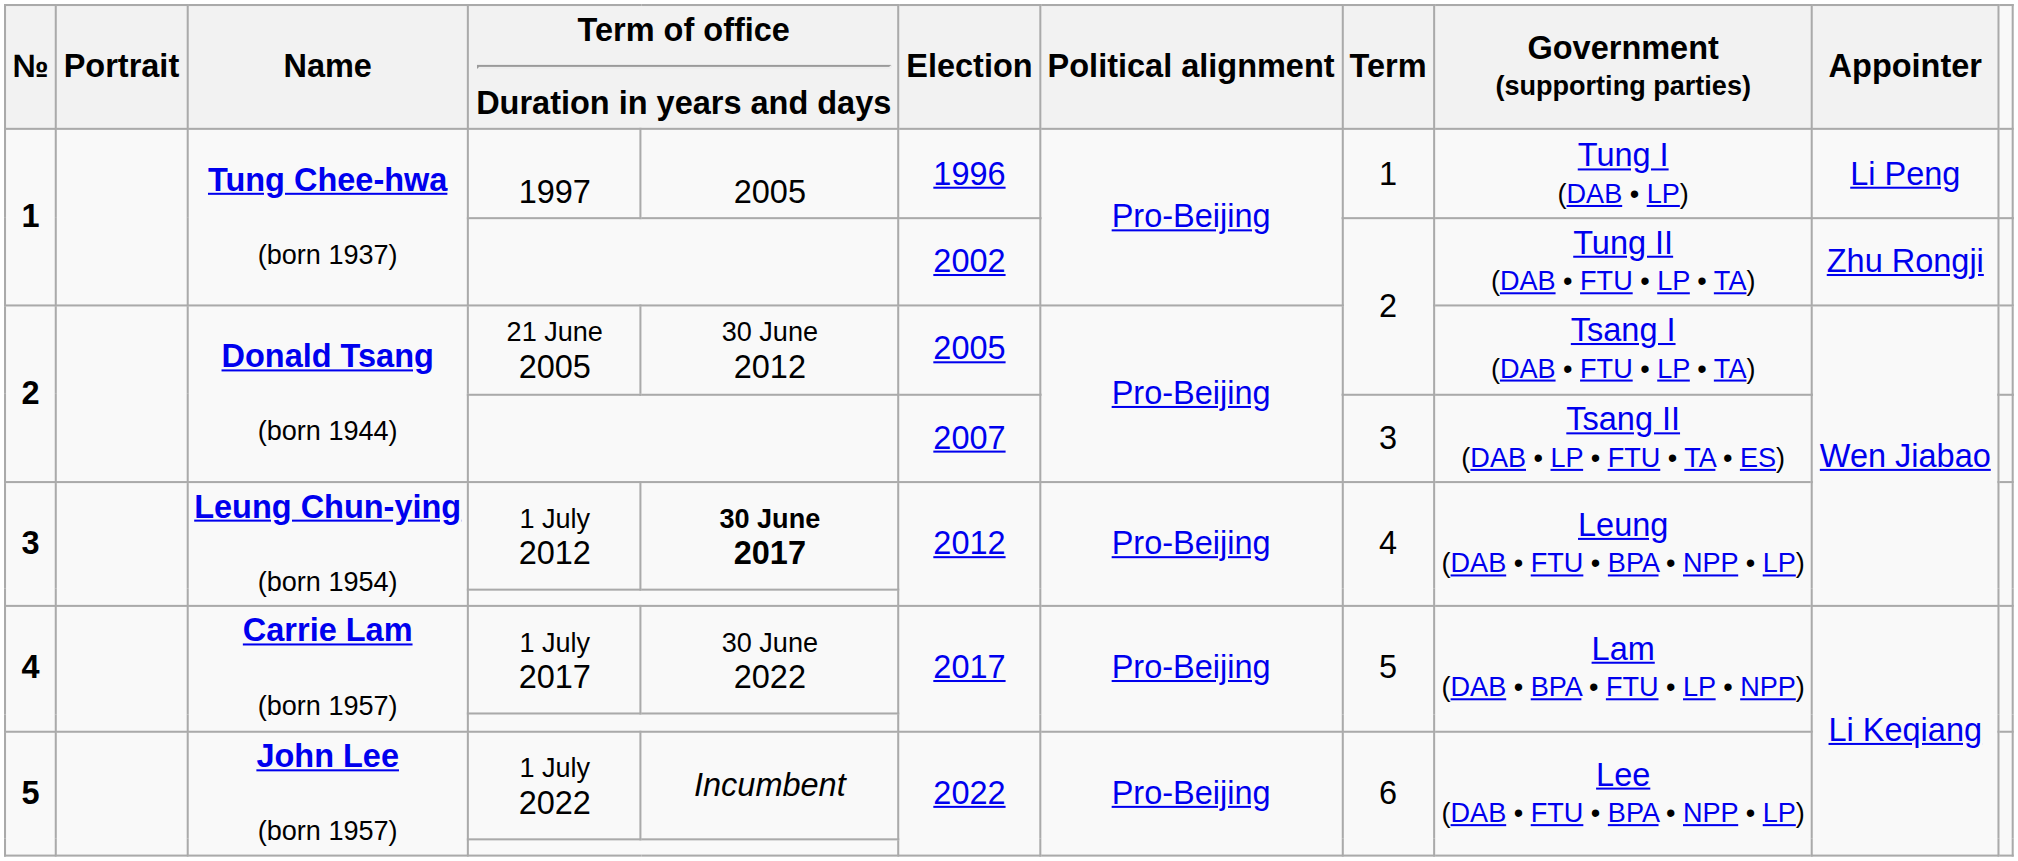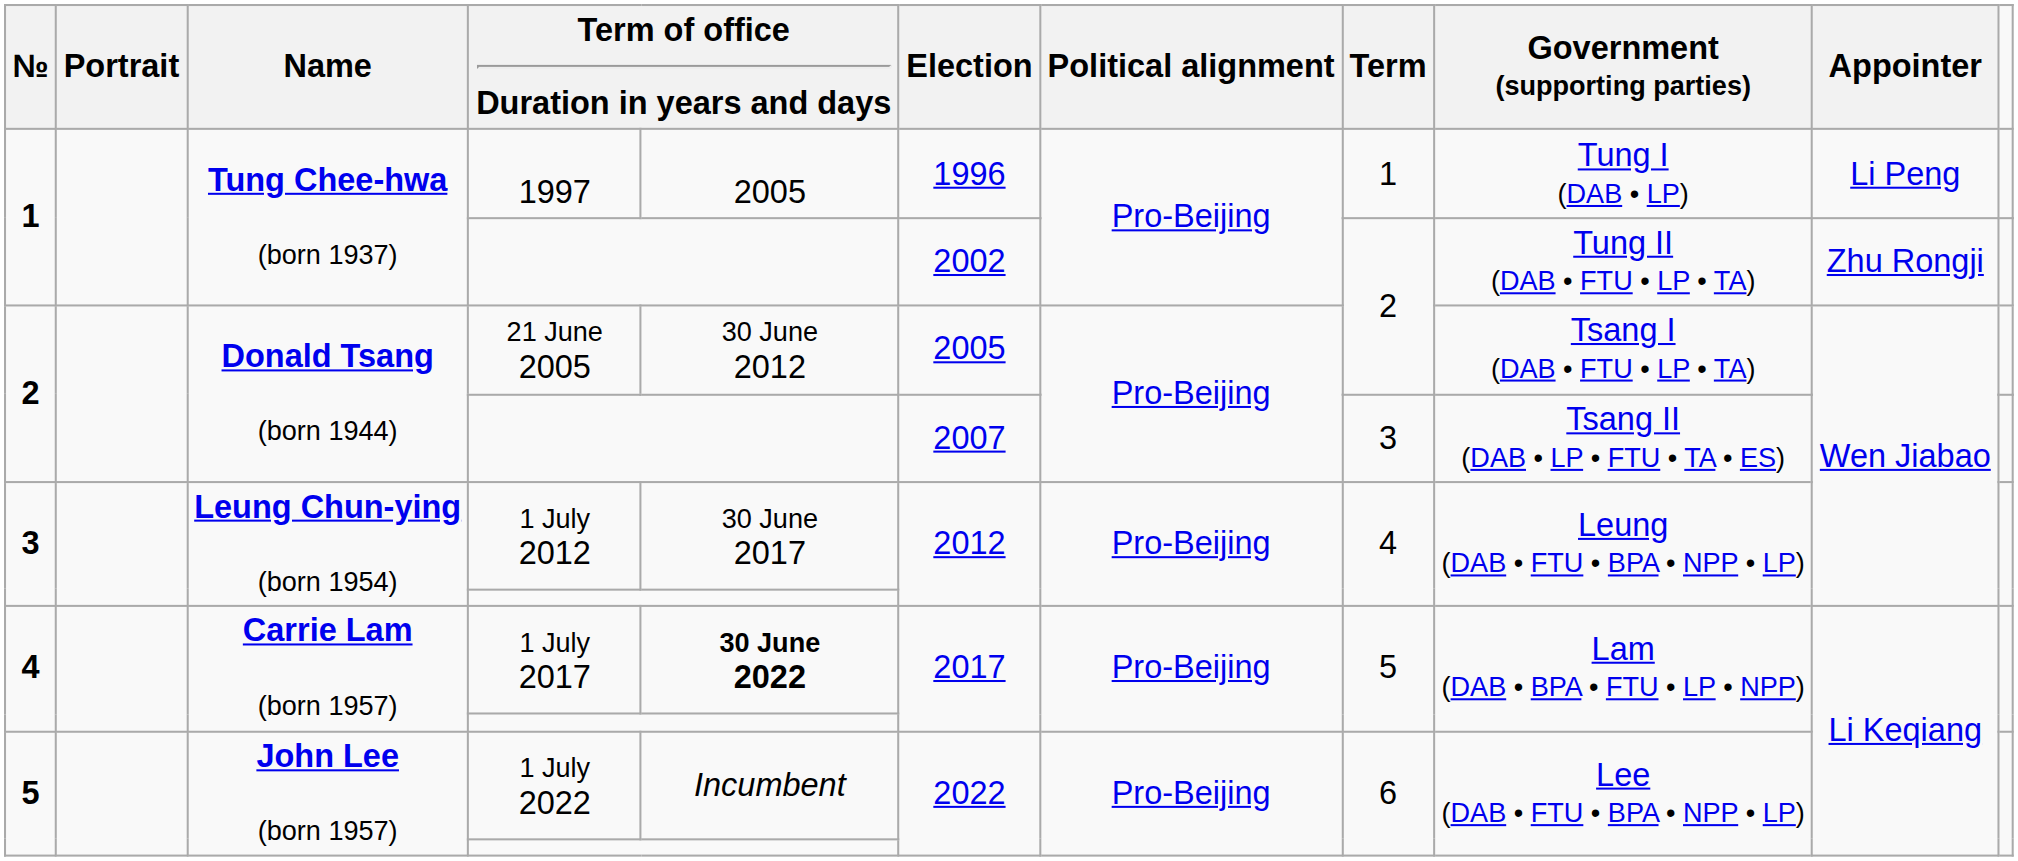 <table class="wikitable" style="text-align: center;">
 <tr>
 <th>№</th>
 <th>Portrait</th>
 <th>Name</th>
 <th colspan="2">Term of office<hr>Duration in years and days</th>
 <th>Election</th>
 <th>Political alignment</th>
 <th>Term<br></th>
 <th>Government<br><small>(supporting parties)</small></th>
 <th>Appointer<br></th>
 <td></td>
 </tr>
 <tr>
 <td rowspan=3 style="background:"><strong>1</strong></td>
 <td rowspan=3></td>
 <td rowspan=3><strong><a href='#'>Tung Chee-hwa</a></strong><br><span></span><br><small>(born 1937)</small></td>
 <td rowspan=2><br>1997</td>
 <td rowspan=2><br>2005</td>
 <td><a href='#'>1996</a></td>
 <td rowspan="3"><a href='#'>Pro-Beijing</a></td>
 <td>1</td>
 <td><a href='#'>Tung I</a><br><small>(<a href='#'>DAB</a> • <a href='#'>LP</a>)</small></td>
 <td><a href='#'>Li Peng</a></td>
 <td></td>
 </tr>
 <tr>
 <td rowspan=2><a href='#'>2002</a></td>
 <td rowspan=3>2</td>
 <td rowspan=2><a href='#'>Tung II</a><br><small>(<a href='#'>DAB</a> • <a href='#'>FTU</a> • <a href='#'>LP</a> • <a href='#'>TA</a>)</small></td>
 <td rowspan=2><a href='#'>Zhu Rongji</a></td>
 <td rowspan=2></td>
 </tr>
 <tr>
 <td colspan="2" style="font-size:90%; font-weight:normal"></td>
 </tr>
 <tr>
 <td rowspan=3 style="background:"><strong>2</strong></td>
 <td rowspan=3></td>
 <td rowspan=3><strong><a href='#'>Donald Tsang</a></strong><br><span></span><br><small>(born 1944)</small></td>
 <td rowspan=2><small>21 June</small><br> 2005</td>
 <td rowspan=2><small>30 June</small><br> 2012</td>
 <td><a href='#'>2005</a></td>
 <td rowspan="3"><a href='#'>Pro-Beijing</a></td>
 <td><a href='#'>Tsang I</a><br><small>(<a href='#'>DAB</a> • <a href='#'>FTU</a> • <a href='#'>LP</a> • <a href='#'>TA</a>)</small></td>
 <td rowspan=5><a href='#'>Wen Jiabao</a></td>
 <td rowspan=1></td>
 </tr>
 <tr>
 <td rowspan=2><a href='#'>2007</a></td>
 <td rowspan=2>3</td>
 <td rowspan=2><a href='#'>Tsang II</a><br><small>(<a href='#'>DAB</a> • <a href='#'>LP</a> • <a href='#'>FTU</a> • <a href='#'>TA</a> • <a href='#'>ES</a>)</small></td>
 <td rowspan=2></td>
 </tr>
 <tr>
 <td colspan="2" style="font-size:90%; font-weight:normal"></td>
 </tr>
 <tr>
 <td rowspan=2 style="background:"><strong>3</strong></td>
 <td rowspan=2></td>
 <td rowspan=2><strong><a href='#'>Leung Chun-ying</a></strong><br><span></span><br><small>(born 1954)</small></td>
 <td><small>1 July</small><br>2012</td>
-<td><strong><small>30 June</small><br>2017</strong></td>
+<td><small>30 June</small><br>2017</td>
 <td rowspan=2><a href='#'>2012</a></td>
 <td rowspan="2"><a href='#'>Pro-Beijing</a></td>
 <td rowspan=2>4</td>
 <td rowspan=2><a href='#'>Leung</a><br><small>(<a href='#'>DAB</a> • <a href='#'>FTU</a> • <a href='#'>BPA</a> • <a href='#'>NPP</a> • <a href='#'>LP</a>)</small></td>
 <td rowspan=2></td>
 </tr>
 <tr>
 <td colspan="2" style="font-size:90%; font-weight:normal"></td>
 </tr>
 <tr>
 <td rowspan="2" style="background:"><strong>4</strong></td>
 <td rowspan="2"></td>
 <td rowspan="2"><strong><a href='#'>Carrie Lam</a></strong><br><span></span><br><small>(born 1957)</small></td>
 <td><small>1 July</small><br>2017</td>
-<td><small>30 June</small><br>2022</td>
+<td><strong><small>30 June</small><br>2022</strong></td>
 <td rowspan="2"><a href='#'>2017</a></td>
 <td rowspan="2"><a href='#'>Pro-Beijing</a></td>
 <td rowspan="2">5</td>
 <td rowspan="2"><a href='#'>Lam</a><br><small>(<a href='#'>DAB</a> • <a href='#'>BPA</a> • <a href='#'>FTU</a> • <a href='#'>LP</a> • <a href='#'>NPP</a>)</small></td>
 <td rowspan="4"><a href='#'>Li Keqiang</a></td>
 <td rowspan="2"></td>
 </tr>
 <tr>
 <td colspan="2" style="font-size:90%; font-weight:normal"></td>
 </tr>
 <tr>
 <td rowspan=2 style="background:"><strong>5</strong></td>
 <td rowspan=2></td>
 <td rowspan=2><strong><a href='#'>John Lee</a></strong><br><span></span><br><small>(born 1957)</small></td>
 <td><small>1 July</small><br>2022</td>
 <td><em>Incumbent</em></td>
 <td rowspan=2><a href='#'>2022</a></td>
 <td rowspan="2"><a href='#'>Pro-Beijing</a></td>
 <td rowspan=2>6</td>
 <td rowspan=2><a href='#'>Lee</a><br><small>(<a href='#'>DAB</a> • <a href='#'>FTU</a> • <a href='#'>BPA</a> • <a href='#'>NPP</a> • <a href='#'>LP</a>)</small></td>
 <td rowspan=2></td>
 </tr>
 <tr>
 <td colspan="2" style="font-size:90%; font-weight:normal"></td>
 </tr>
 </table>
